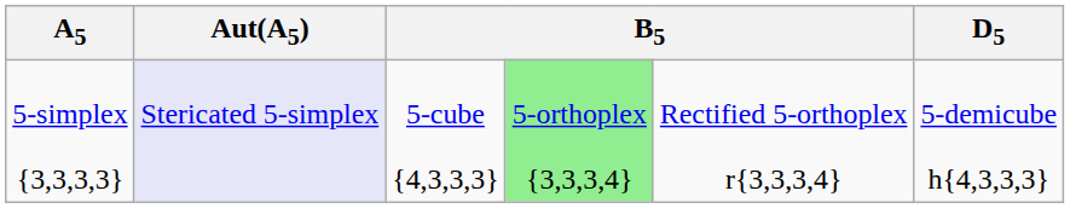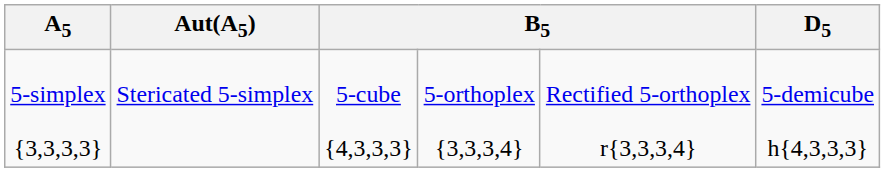 <table class=wikitable>
 <tr>
 <th>A<sub>5</sub></th>
 <th>Aut(A<sub>5</sub>)</th>
 <th colspan=3>B<sub>5</sub></th>
 <th>D<sub>5</sub></th>
 </tr>
 <tr align=center valign=top>
 <td><br><a href='#'>5-simplex</a><br><br>{3,3,3,3}</td>
-<td style="background: lavender;"><br><a href='#'>Stericated 5-simplex</a><br></td>
+<td><br><a href='#'>Stericated 5-simplex</a><br></td>
 <td><br><a href='#'>5-cube</a><br><br>{4,3,3,3}</td>
-<td style="background: lightgreen;"><br><a href='#'>5-orthoplex</a><br><br>{3,3,3,4}</td>
+<td><br><a href='#'>5-orthoplex</a><br><br>{3,3,3,4}</td>
 <td><br><a href='#'>Rectified 5-orthoplex</a><br><br>r{3,3,3,4}</td>
 <td><br><a href='#'>5-demicube</a><br><br>h{4,3,3,3}</td>
 </tr>
 </table>
